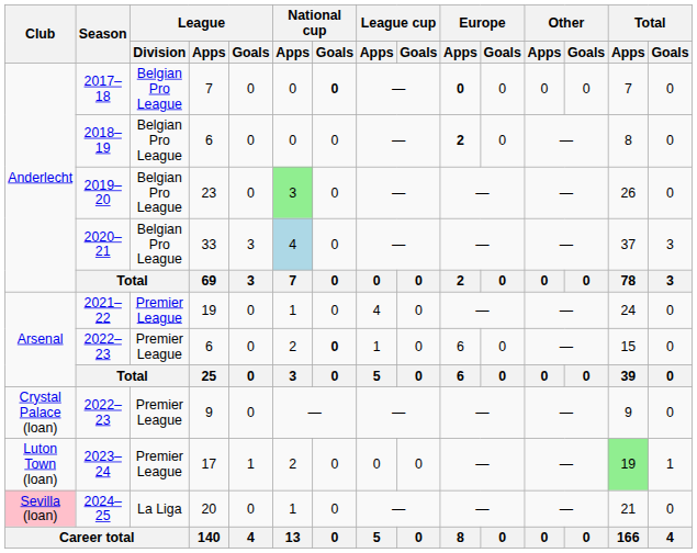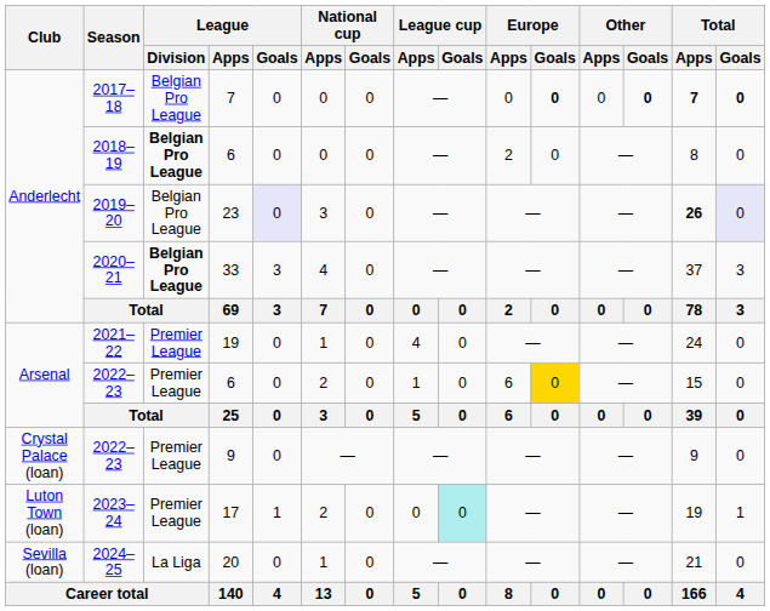 <table class="wikitable" style="text-align:center">
 <tr>
 <th rowspan="2">Club</th>
 <th rowspan="2">Season</th>
 <th colspan="3">League</th>
 <th colspan="2">National cup</th>
 <th colspan="2">League cup</th>
 <th colspan="2">Europe</th>
 <th colspan="2">Other</th>
 <th colspan="2">Total</th>
 </tr>
 <tr>
 <th>Division</th>
 <th>Apps</th>
 <th>Goals</th>
 <th>Apps</th>
 <th>Goals</th>
 <th>Apps</th>
 <th>Goals</th>
 <th>Apps</th>
 <th>Goals</th>
 <th>Apps</th>
 <th>Goals</th>
 <th>Apps</th>
 <th>Goals</th>
 </tr>
 <tr>
 <td rowspan="5"><a href='#'>Anderlecht</a></td>
 <td><a href='#'>2017–18</a></td>
 <td><a href='#'>Belgian Pro League</a></td>
 <td>7</td>
 <td>0</td>
 <td>0</td>
-<td><strong>0</strong></td>
+<td>0</td>
 <td colspan="2">—</td>
+<td>0</td>
 <td><strong>0</strong></td>
 <td>0</td>
-<td>0</td>
-<td>0</td>
-<td>7</td>
-<td>0</td>
+<td><strong>0</strong></td>
+<td><strong>7</strong></td>
+<td><strong>0</strong></td>
 </tr>
 <tr>
 <td><a href='#'>2018–19</a></td>
-<td>Belgian Pro League</td>
+<td><strong>Belgian Pro League</strong></td>
 <td>6</td>
 <td>0</td>
 <td>0</td>
 <td>0</td>
 <td colspan="2">—</td>
-<td><strong>2</strong></td>
+<td>2</td>
 <td>0</td>
 <td colspan="2">—</td>
 <td>8</td>
 <td>0</td>
 </tr>
 <tr>
 <td><a href='#'>2019–20</a></td>
 <td>Belgian Pro League</td>
 <td>23</td>
-<td>0</td>
-<td style="background: lightgreen;">3</td>
+<td style="background: lavender;">0</td>
+<td>3</td>
 <td>0</td>
 <td colspan="2">—</td>
 <td colspan="2">—</td>
 <td colspan="2">—</td>
-<td>26</td>
-<td>0</td>
+<td><strong>26</strong></td>
+<td style="background: lavender;">0</td>
 </tr>
 <tr>
 <td><a href='#'>2020–21</a></td>
-<td>Belgian Pro League</td>
+<td><strong>Belgian Pro League</strong></td>
 <td>33</td>
 <td>3</td>
-<td style="background: lightblue;">4</td>
+<td>4</td>
 <td>0</td>
 <td colspan="2">—</td>
 <td colspan="2">—</td>
 <td colspan="2">—</td>
 <td>37</td>
 <td>3</td>
 </tr>
 <tr>
 <th colspan="2">Total</th>
 <th>69</th>
 <th>3</th>
 <th>7</th>
 <th>0</th>
 <th>0</th>
 <th>0</th>
 <th>2</th>
 <th>0</th>
 <th>0</th>
 <th>0</th>
 <th>78</th>
 <th>3</th>
 </tr>
 <tr>
 <td rowspan="3"><a href='#'>Arsenal</a></td>
 <td><a href='#'>2021–22</a></td>
 <td><a href='#'>Premier League</a></td>
 <td>19</td>
 <td>0</td>
 <td>1</td>
 <td>0</td>
 <td>4</td>
 <td>0</td>
 <td colspan="2">—</td>
 <td colspan="2">—</td>
 <td>24</td>
 <td>0</td>
 </tr>
 <tr>
 <td><a href='#'>2022–23</a></td>
 <td>Premier League</td>
 <td>6</td>
 <td>0</td>
 <td>2</td>
-<td><strong>0</strong></td>
+<td>0</td>
 <td>1</td>
 <td>0</td>
 <td>6</td>
-<td>0</td>
+<td style="background: gold;">0</td>
 <td colspan="2">—</td>
 <td>15</td>
 <td>0</td>
 </tr>
 <tr>
 <th colspan="2">Total</th>
 <th>25</th>
 <th>0</th>
 <th>3</th>
 <th>0</th>
 <th>5</th>
 <th>0</th>
 <th>6</th>
 <th>0</th>
 <th>0</th>
 <th>0</th>
 <th>39</th>
 <th>0</th>
 </tr>
 <tr>
 <td><a href='#'>Crystal Palace</a> (loan)</td>
 <td><a href='#'>2022–23</a></td>
 <td>Premier League</td>
 <td>9</td>
 <td>0</td>
 <td colspan="2">—</td>
 <td colspan="2">—</td>
 <td colspan="2">—</td>
 <td colspan="2">—</td>
 <td>9</td>
 <td>0</td>
 </tr>
 <tr>
 <td><a href='#'>Luton Town</a> (loan)</td>
 <td><a href='#'>2023–24</a></td>
 <td>Premier League</td>
 <td>17</td>
 <td>1</td>
 <td>2</td>
 <td>0</td>
 <td>0</td>
-<td>0</td>
+<td style="background: paleturquoise;">0</td>
 <td colspan="2">—</td>
 <td colspan="2">—</td>
-<td style="background: lightgreen;">19</td>
+<td>19</td>
 <td>1</td>
 </tr>
 <tr>
-<td style="background: pink;"><a href='#'>Sevilla</a> (loan)</td>
+<td><a href='#'>Sevilla</a> (loan)</td>
 <td><a href='#'>2024–25</a></td>
 <td>La Liga</td>
 <td>20</td>
 <td>0</td>
 <td>1</td>
 <td>0</td>
 <td colspan="2">—</td>
 <td colspan="2">—</td>
 <td colspan="2">—</td>
 <td>21</td>
 <td>0</td>
 </tr>
 <tr>
 <th colspan="3">Career total</th>
 <th>140</th>
 <th>4</th>
 <th>13</th>
 <th>0</th>
 <th>5</th>
 <th>0</th>
 <th>8</th>
 <th>0</th>
 <th>0</th>
 <th>0</th>
 <th>166</th>
 <th>4</th>
 </tr>
 </table>
